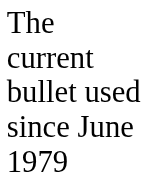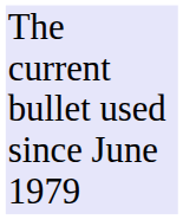 <table width="80">
 <tr>
 <td></td>
 </tr>
 <tr>
-<td><div>The current bullet used since June 1979</div></td>
+<td style="background: lavender;"><div>The current bullet used since June 1979</div></td>
 </tr>
 </table>
